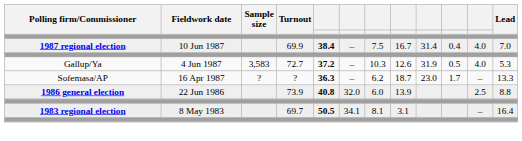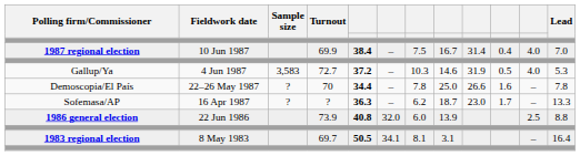 <table class="wikitable collapsible collapsed" style="text-align:center; font-size:95%; line-height:16px;">
 <tr style="height:42px;">
 <th style="width:250px;" rowspan="2">Polling firm/Commissioner</th>
 <th style="width:125px;" rowspan="2">Fieldwork date</th>
 <th style="width:50px;" rowspan="2">Sample size</th>
 <th style="width:45px;" rowspan="2">Turnout</th>
 <th style="width:35px;"></th>
 <th style="width:35px;"></th>
 <th style="width:35px;"></th>
 <th style="width:35px;"></th>
 <th style="width:35px;"></th>
 <th style="width:35px;"></th>
 <th style="width:35px;"></th>
 <th style="width:30px;" rowspan="2">Lead</th>
 </tr>
 <tr>
 <th style="color:inherit;background:"></th>
 <th style="color:inherit;background:"></th>
 <th style="color:inherit;background:"></th>
 <th style="color:inherit;background:"></th>
 <th style="color:inherit;background:"></th>
 <th style="color:inherit;background:"></th>
 <th style="color:inherit;background:"></th>
 </tr>
 <tr>
 <td colspan="12" style="background:#A0A0A0"></td>
 </tr>
 <tr style="background:#EFEFEF;">
 <td><strong><a href='#'>1987 regional election</a></strong></td>
 <td>10 Jun 1987</td>
 <td></td>
 <td>69.9</td>
 <td><strong>38.4</strong><br></td>
 <td>–</td>
 <td>7.5<br></td>
 <td>16.7<br></td>
 <td>31.4<br></td>
 <td>0.4<br></td>
 <td>4.0<br></td>
 <td style="background:">7.0</td>
 </tr>
 <tr>
 <td colspan="12" style="background:#A0A0A0"></td>
 </tr>
 <tr>
 <td>Gallup/Ya</td>
 <td>4 Jun 1987</td>
 <td>3,583</td>
 <td>72.7</td>
 <td><strong>37.2</strong><br></td>
 <td>–</td>
 <td>10.3<br></td>
-<td>12.6<br></td>
+<td>14.6<br></td>
 <td>31.9<br></td>
 <td>0.5<br></td>
 <td>4.0<br></td>
 <td style="background:">5.3</td>
+</tr>
+<tr>
+<td>Demoscopia/El País</td>
+<td>22–26 May 1987</td>
+<td>?</td>
+<td>70</td>
+<td><strong>34.4</strong><br></td>
+<td>–</td>
+<td>7.8<br></td>
+<td>25.0<br></td>
+<td>26.6<br></td>
+<td>1.6<br></td>
+<td>–</td>
+<td style="background:">7.8</td>
 </tr>
 <tr>
 <td>Sofemasa/AP</td>
 <td>16 Apr 1987</td>
 <td>?</td>
 <td>?</td>
 <td><strong>36.3</strong></td>
 <td>–</td>
 <td>6.2</td>
 <td>18.7</td>
 <td>23.0</td>
 <td>1.7</td>
 <td>–</td>
 <td style="background:">13.3</td>
 </tr>
 <tr style="background:#EFEFEF;">
 <td><strong><a href='#'>1986 general election</a></strong></td>
 <td>22 Jun 1986</td>
 <td></td>
 <td>73.9</td>
 <td><strong>40.8</strong><br></td>
 <td>32.0<br></td>
 <td>6.0<br></td>
 <td>13.9<br></td>
 <td></td>
 <td></td>
 <td>2.5<br></td>
 <td style="background:">8.8</td>
 </tr>
 <tr>
 <td colspan="12" style="background:#A0A0A0"></td>
 </tr>
 <tr style="background:#EFEFEF;">
 <td><strong><a href='#'>1983 regional election</a></strong></td>
 <td>8 May 1983</td>
 <td></td>
 <td>69.7</td>
 <td><strong>50.5</strong><br></td>
 <td>34.1<br></td>
 <td>8.1<br></td>
 <td>3.1<br></td>
 <td></td>
 <td></td>
 <td>–</td>
 <td style="background:">16.4</td>
 </tr>
 <tr>
 <td colspan="12" style="background:#A0A0A0"></td>
 </tr>
 </table>
